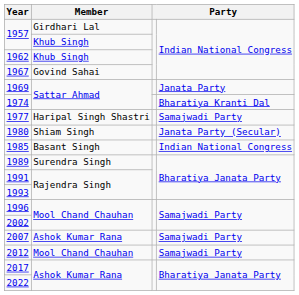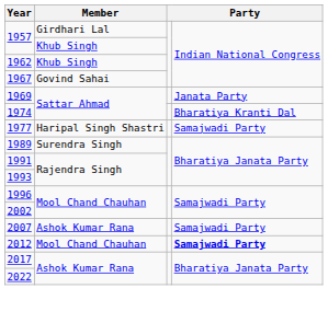 <table class="wikitable">
 <tr>
 <th>Year</th>
 <th>Member</th>
 <th colspan="2">Party</th>
 </tr>
 <tr>
 <td rowspan="2"><a href='#'>1957</a></td>
 <td>Girdhari Lal</td>
 <td rowspan="4" style="background-color: "></td>
 <td rowspan="4"><a href='#'>Indian National Congress</a></td>
 </tr>
 <tr>
 <td><a href='#'>Khub Singh</a></td>
 </tr>
 <tr>
 <td><a href='#'>1962</a></td>
 <td><a href='#'>Khub Singh</a></td>
 </tr>
 <tr>
 <td><a href='#'>1967</a></td>
 <td>Govind Sahai</td>
 </tr>
 <tr>
 <td><a href='#'>1969</a></td>
 <td rowspan="2"><a href='#'>Sattar Ahmad</a></td>
 <td style="background-color: "></td>
 <td><a href='#'>Janata Party</a></td>
 </tr>
 <tr>
 <td><a href='#'>1974</a></td>
 <td style="background-color: "></td>
 <td><a href='#'>Bharatiya Kranti Dal</a></td>
 </tr>
 <tr>
 <td><a href='#'>1977</a></td>
 <td>Haripal Singh Shastri</td>
 <td style="background-color: "></td>
 <td><a href='#'>Samajwadi Party</a></td>
 </tr>
 <tr>
-<td><a href='#'>1980</a></td>
-<td>Shiam Singh</td>
-<td style="background-color: "></td>
-<td><a href='#'>Janata Party (Secular)</a></td>
-</tr>
-<tr>
-<td><a href='#'>1985</a></td>
-<td>Basant Singh</td>
-<td style="background-color: "></td>
-<td><a href='#'>Indian National Congress</a></td>
-</tr>
-<tr>
 <td><a href='#'>1989</a></td>
 <td>Surendra Singh</td>
 <td rowspan="3" style="background-color: "></td>
 <td rowspan="3"><a href='#'>Bharatiya Janata Party</a></td>
 </tr>
 <tr>
 <td><a href='#'>1991</a></td>
 <td rowspan="2">Rajendra Singh</td>
 </tr>
 <tr>
 <td><a href='#'>1993</a></td>
 </tr>
 <tr>
 <td><a href='#'>1996</a></td>
 <td rowspan="2"><a href='#'>Mool Chand Chauhan</a></td>
 <td rowspan="2" style="background-color: "></td>
 <td rowspan="2"><a href='#'>Samajwadi Party</a></td>
 </tr>
 <tr>
 <td><a href='#'>2002</a></td>
 </tr>
 <tr>
 <td><a href='#'>2007</a></td>
 <td><a href='#'>Ashok Kumar Rana</a></td>
 <td style="background-color: "></td>
 <td><a href='#'>Samajwadi Party</a></td>
 </tr>
 <tr>
 <td><a href='#'>2012</a></td>
 <td><a href='#'>Mool Chand Chauhan</a></td>
 <td style="background-color: "></td>
-<td><a href='#'>Samajwadi Party</a></td>
+<td><strong><a href='#'>Samajwadi Party</a></strong></td>
 </tr>
 <tr>
 <td><a href='#'>2017</a></td>
 <td rowspan="2"><a href='#'>Ashok Kumar Rana</a></td>
 <td rowspan="2" style="background-color: "></td>
 <td rowspan="2"><a href='#'>Bharatiya Janata Party</a></td>
 </tr>
 <tr>
 <td><a href='#'>2022</a></td>
 </tr>
 </table>
